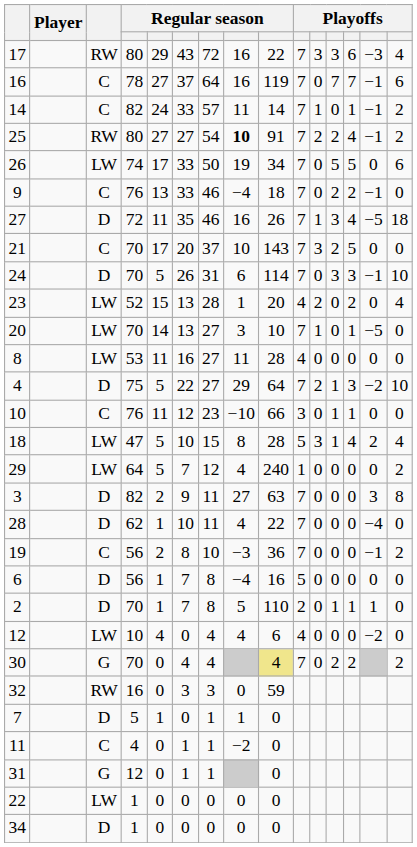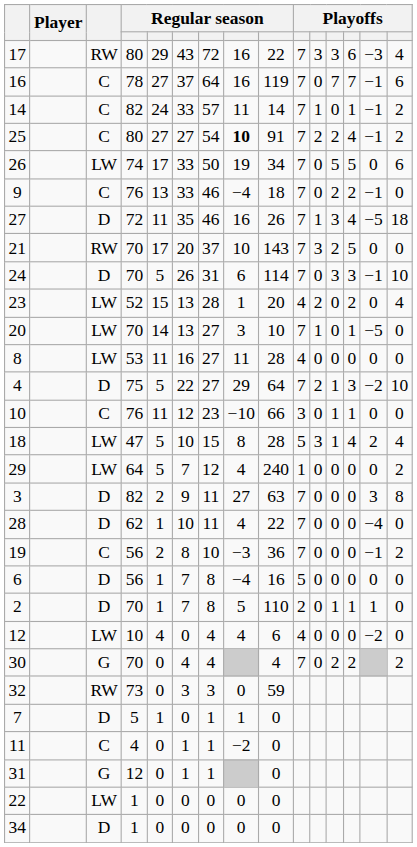 <table class="wikitable sortable plainrowheaders" style="text-align:center;">
 <tr>
 <th scope="col" data-sort-type="number" rowspan="2"></th>
 <th scope="col" rowspan="2">Player</th>
 <th scope="col" rowspan="2"></th>
 <th scope=colgroup colspan=6>Regular season</th>
 <th scope=colgroup colspan=6>Playoffs</th>
 </tr>
 <tr>
 <th scope="col" data-sort-type="number"></th>
 <th scope="col" data-sort-type="number"></th>
 <th scope="col" data-sort-type="number"></th>
 <th scope="col" data-sort-type="number"></th>
 <th scope="col" data-sort-type="number"></th>
 <th scope="col" data-sort-type="number"></th>
 <th scope="col" data-sort-type="number"></th>
 <th scope="col" data-sort-type="number"></th>
 <th scope="col" data-sort-type="number"></th>
 <th scope="col" data-sort-type="number"></th>
 <th scope="col" data-sort-type="number"></th>
 <th scope="col" data-sort-type="number"></th>
 </tr>
 <tr>
 <td scope="row">17</td>
 <td align="left"></td>
 <td>RW</td>
 <td>80</td>
 <td>29</td>
 <td>43</td>
 <td>72</td>
 <td>16</td>
 <td>22</td>
 <td>7</td>
 <td>3</td>
 <td>3</td>
 <td>6</td>
 <td>−3</td>
 <td>4</td>
 </tr>
 <tr>
 <td scope="row">16</td>
 <td align="left"></td>
 <td>C</td>
 <td>78</td>
 <td>27</td>
 <td>37</td>
 <td>64</td>
 <td>16</td>
 <td>119</td>
 <td>7</td>
 <td>0</td>
 <td>7</td>
 <td>7</td>
 <td>−1</td>
 <td>6</td>
 </tr>
 <tr>
 <td scope="row">14</td>
 <td align="left"></td>
 <td>C</td>
 <td>82</td>
 <td>24</td>
 <td>33</td>
 <td>57</td>
 <td>11</td>
 <td>14</td>
 <td>7</td>
 <td>1</td>
 <td>0</td>
 <td>1</td>
 <td>−1</td>
 <td>2</td>
 </tr>
 <tr>
 <td scope="row">25</td>
 <td align="left"></td>
-<td>RW</td>
+<td>C</td>
 <td>80</td>
 <td>27</td>
 <td>27</td>
 <td>54</td>
 <td><strong>10</strong></td>
 <td>91</td>
 <td>7</td>
 <td>2</td>
 <td>2</td>
 <td>4</td>
 <td>−1</td>
 <td>2</td>
 </tr>
 <tr>
 <td scope="row">26</td>
 <td align="left"></td>
 <td>LW</td>
 <td>74</td>
 <td>17</td>
 <td>33</td>
 <td>50</td>
 <td>19</td>
 <td>34</td>
 <td>7</td>
 <td>0</td>
 <td>5</td>
 <td>5</td>
 <td>0</td>
 <td>6</td>
 </tr>
 <tr>
 <td scope="row">9</td>
 <td align="left"></td>
 <td>C</td>
 <td>76</td>
 <td>13</td>
 <td>33</td>
 <td>46</td>
 <td>−4</td>
 <td>18</td>
 <td>7</td>
 <td>0</td>
 <td>2</td>
 <td>2</td>
 <td>−1</td>
 <td>0</td>
 </tr>
 <tr>
 <td scope="row">27</td>
 <td align="left"></td>
 <td>D</td>
 <td>72</td>
 <td>11</td>
 <td>35</td>
 <td>46</td>
 <td>16</td>
 <td>26</td>
 <td>7</td>
 <td>1</td>
 <td>3</td>
 <td>4</td>
 <td>−5</td>
 <td>18</td>
 </tr>
 <tr>
 <td scope="row">21</td>
 <td align="left"></td>
-<td>C</td>
+<td>RW</td>
 <td>70</td>
 <td>17</td>
 <td>20</td>
 <td>37</td>
 <td>10</td>
 <td>143</td>
 <td>7</td>
 <td>3</td>
 <td>2</td>
 <td>5</td>
 <td>0</td>
 <td>0</td>
 </tr>
 <tr>
 <td scope="row">24</td>
 <td align="left"></td>
 <td>D</td>
 <td>70</td>
 <td>5</td>
 <td>26</td>
 <td>31</td>
 <td>6</td>
 <td>114</td>
 <td>7</td>
 <td>0</td>
 <td>3</td>
 <td>3</td>
 <td>−1</td>
 <td>10</td>
 </tr>
 <tr>
 <td scope="row">23</td>
 <td align="left"></td>
 <td>LW</td>
 <td>52</td>
 <td>15</td>
 <td>13</td>
 <td>28</td>
 <td>1</td>
 <td>20</td>
 <td>4</td>
 <td>2</td>
 <td>0</td>
 <td>2</td>
 <td>0</td>
 <td>4</td>
 </tr>
 <tr>
 <td scope="row">20</td>
 <td align="left"></td>
 <td>LW</td>
 <td>70</td>
 <td>14</td>
 <td>13</td>
 <td>27</td>
 <td>3</td>
 <td>10</td>
 <td>7</td>
 <td>1</td>
 <td>0</td>
 <td>1</td>
 <td>−5</td>
 <td>0</td>
 </tr>
 <tr>
 <td scope="row">8</td>
 <td align="left"></td>
 <td>LW</td>
 <td>53</td>
 <td>11</td>
 <td>16</td>
 <td>27</td>
 <td>11</td>
 <td>28</td>
 <td>4</td>
 <td>0</td>
 <td>0</td>
 <td>0</td>
 <td>0</td>
 <td>0</td>
 </tr>
 <tr>
 <td scope="row">4</td>
 <td align="left"></td>
 <td>D</td>
 <td>75</td>
 <td>5</td>
 <td>22</td>
 <td>27</td>
 <td>29</td>
 <td>64</td>
 <td>7</td>
 <td>2</td>
 <td>1</td>
 <td>3</td>
 <td>−2</td>
 <td>10</td>
 </tr>
 <tr>
 <td scope="row">10</td>
 <td align="left"></td>
 <td>C</td>
 <td>76</td>
 <td>11</td>
 <td>12</td>
 <td>23</td>
 <td>−10</td>
 <td>66</td>
 <td>3</td>
 <td>0</td>
 <td>1</td>
 <td>1</td>
 <td>0</td>
 <td>0</td>
 </tr>
 <tr>
 <td scope="row">18</td>
 <td align="left"></td>
 <td>LW</td>
 <td>47</td>
 <td>5</td>
 <td>10</td>
 <td>15</td>
 <td>8</td>
 <td>28</td>
 <td>5</td>
 <td>3</td>
 <td>1</td>
 <td>4</td>
 <td>2</td>
 <td>4</td>
 </tr>
 <tr>
 <td scope="row">29</td>
 <td align="left"></td>
 <td>LW</td>
 <td>64</td>
 <td>5</td>
 <td>7</td>
 <td>12</td>
 <td>4</td>
 <td>240</td>
 <td>1</td>
 <td>0</td>
 <td>0</td>
 <td>0</td>
 <td>0</td>
 <td>2</td>
 </tr>
 <tr>
 <td scope="row">3</td>
 <td align="left"></td>
 <td>D</td>
 <td>82</td>
 <td>2</td>
 <td>9</td>
 <td>11</td>
 <td>27</td>
 <td>63</td>
 <td>7</td>
 <td>0</td>
 <td>0</td>
 <td>0</td>
 <td>3</td>
 <td>8</td>
 </tr>
 <tr>
 <td scope="row">28</td>
 <td align="left"></td>
 <td>D</td>
 <td>62</td>
 <td>1</td>
 <td>10</td>
 <td>11</td>
 <td>4</td>
 <td>22</td>
 <td>7</td>
 <td>0</td>
 <td>0</td>
 <td>0</td>
 <td>−4</td>
 <td>0</td>
 </tr>
 <tr>
 <td scope="row">19</td>
 <td align="left"></td>
 <td>C</td>
 <td>56</td>
 <td>2</td>
 <td>8</td>
 <td>10</td>
 <td>−3</td>
 <td>36</td>
 <td>7</td>
 <td>0</td>
 <td>0</td>
 <td>0</td>
 <td>−1</td>
 <td>2</td>
 </tr>
 <tr>
 <td scope="row">6</td>
 <td align="left"></td>
 <td>D</td>
 <td>56</td>
 <td>1</td>
 <td>7</td>
 <td>8</td>
 <td>−4</td>
 <td>16</td>
 <td>5</td>
 <td>0</td>
 <td>0</td>
 <td>0</td>
 <td>0</td>
 <td>0</td>
 </tr>
 <tr>
 <td scope="row">2</td>
 <td align="left"></td>
 <td>D</td>
 <td>70</td>
 <td>1</td>
 <td>7</td>
 <td>8</td>
 <td>5</td>
 <td>110</td>
 <td>2</td>
 <td>0</td>
 <td>1</td>
 <td>1</td>
 <td>1</td>
 <td>0</td>
 </tr>
 <tr>
 <td scope="row">12</td>
 <td align="left"></td>
 <td>LW</td>
 <td>10</td>
 <td>4</td>
 <td>0</td>
 <td>4</td>
 <td>4</td>
 <td>6</td>
 <td>4</td>
 <td>0</td>
 <td>0</td>
 <td>0</td>
 <td>−2</td>
 <td>0</td>
 </tr>
 <tr>
 <td scope="row">30</td>
 <td align="left"></td>
 <td>G</td>
 <td>70</td>
 <td>0</td>
 <td>4</td>
 <td>4</td>
 <td style="background:#ccc"></td>
-<td style="background: khaki;">4</td>
+<td>4</td>
 <td>7</td>
 <td>0</td>
 <td>2</td>
 <td>2</td>
 <td style="background:#ccc"></td>
 <td>2</td>
 </tr>
 <tr>
 <td scope="row">32</td>
 <td align="left"></td>
 <td>RW</td>
-<td>16</td>
+<td>73</td>
 <td>0</td>
 <td>3</td>
 <td>3</td>
 <td>0</td>
 <td>59</td>
 <td></td>
 <td></td>
 <td></td>
 <td></td>
 <td></td>
 <td></td>
 </tr>
 <tr>
 <td scope="row">7</td>
 <td align="left"></td>
 <td>D</td>
 <td>5</td>
 <td>1</td>
 <td>0</td>
 <td>1</td>
 <td>1</td>
 <td>0</td>
 <td></td>
 <td></td>
 <td></td>
 <td></td>
 <td></td>
 <td></td>
 </tr>
 <tr>
 <td scope="row">11</td>
 <td align="left"></td>
 <td>C</td>
 <td>4</td>
 <td>0</td>
 <td>1</td>
 <td>1</td>
 <td>−2</td>
 <td>0</td>
 <td></td>
 <td></td>
 <td></td>
 <td></td>
 <td></td>
 <td></td>
 </tr>
 <tr>
 <td scope="row">31</td>
 <td align="left"></td>
 <td>G</td>
 <td>12</td>
 <td>0</td>
 <td>1</td>
 <td>1</td>
 <td style="background:#ccc"></td>
 <td>0</td>
 <td></td>
 <td></td>
 <td></td>
 <td></td>
 <td></td>
 <td></td>
 </tr>
 <tr>
 <td scope="row">22</td>
 <td align="left"></td>
 <td>LW</td>
 <td>1</td>
 <td>0</td>
 <td>0</td>
 <td>0</td>
 <td>0</td>
 <td>0</td>
 <td></td>
 <td></td>
 <td></td>
 <td></td>
 <td></td>
 <td></td>
 </tr>
 <tr>
 <td scope="row">34</td>
 <td align="left"></td>
 <td>D</td>
 <td>1</td>
 <td>0</td>
 <td>0</td>
 <td>0</td>
 <td>0</td>
 <td>0</td>
 <td></td>
 <td></td>
 <td></td>
 <td></td>
 <td></td>
 <td></td>
 </tr>
 </table>
